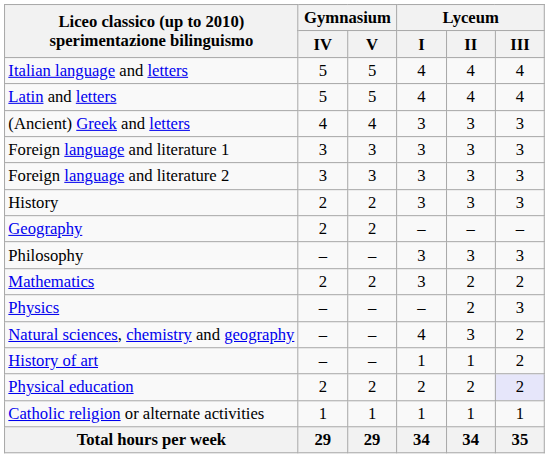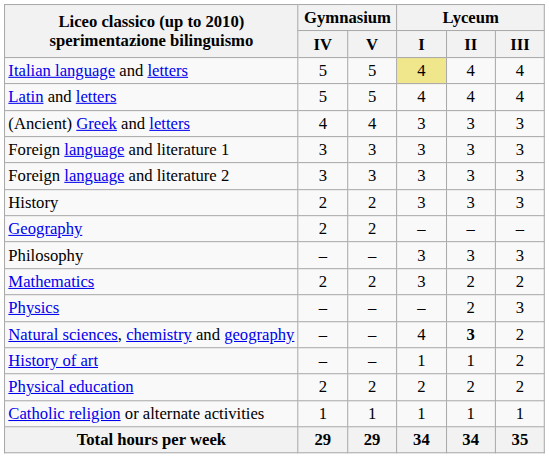 <table class="wikitable">
 <tr>
 <th rowspan="2">Liceo classico (up to 2010)<br>sperimentazione bilinguismo</th>
 <th colspan="2">Gymnasium</th>
 <th colspan="3">Lyceum</th>
 </tr>
 <tr>
 <th width="40">IV</th>
 <th width="40">V</th>
 <th width="40">I</th>
 <th width="40">II</th>
 <th width="40">III</th>
 </tr>
 <tr align="center">
 <td align="left"><a href='#'>Italian language</a> and <a href='#'>letters</a></td>
 <td>5</td>
 <td>5</td>
-<td>4</td>
+<td style="background: khaki;">4</td>
 <td>4</td>
 <td>4</td>
 </tr>
 <tr align="center">
 <td align="left"><a href='#'>Latin</a> and <a href='#'>letters</a></td>
 <td>5</td>
 <td>5</td>
 <td>4</td>
 <td>4</td>
 <td>4</td>
 </tr>
 <tr align="center">
 <td align="left">(Ancient) <a href='#'>Greek</a> and <a href='#'>letters</a></td>
 <td>4</td>
 <td>4</td>
 <td>3</td>
 <td>3</td>
 <td>3</td>
 </tr>
 <tr align="center">
 <td align="left">Foreign <a href='#'>language</a> and literature 1</td>
 <td>3</td>
 <td>3</td>
 <td>3</td>
 <td>3</td>
 <td>3</td>
 </tr>
 <tr align="center">
 <td align="left">Foreign <a href='#'>language</a> and literature 2</td>
 <td>3</td>
 <td>3</td>
 <td>3</td>
 <td>3</td>
 <td>3</td>
 </tr>
 <tr align="center">
 <td align="left">History</td>
 <td>2</td>
 <td>2</td>
 <td>3</td>
 <td>3</td>
 <td>3</td>
 </tr>
 <tr align="center">
 <td align="left"><a href='#'>Geography</a></td>
 <td>2</td>
 <td>2</td>
 <td>–</td>
 <td>–</td>
 <td>–</td>
 </tr>
 <tr align="center">
 <td align="left">Philosophy</td>
 <td>–</td>
 <td>–</td>
 <td>3</td>
 <td>3</td>
 <td>3</td>
 </tr>
 <tr align="center">
 <td align="left"><a href='#'>Mathematics</a></td>
 <td>2</td>
 <td>2</td>
 <td>3</td>
 <td>2</td>
 <td>2</td>
 </tr>
 <tr align="center">
 <td align="left"><a href='#'>Physics</a></td>
 <td>–</td>
 <td>–</td>
 <td>–</td>
 <td>2</td>
 <td>3</td>
 </tr>
 <tr align="center">
 <td align="left"><a href='#'>Natural sciences</a>, <a href='#'>chemistry</a> and <a href='#'>geography</a></td>
 <td>–</td>
 <td>–</td>
 <td>4</td>
-<td>3</td>
+<td><strong>3</strong></td>
 <td>2</td>
 </tr>
 <tr align="center">
 <td align="left"><a href='#'>History of art</a></td>
 <td>–</td>
 <td>–</td>
 <td>1</td>
 <td>1</td>
 <td>2</td>
 </tr>
 <tr align="center">
 <td align="left"><a href='#'>Physical education</a></td>
 <td>2</td>
 <td>2</td>
 <td>2</td>
 <td>2</td>
-<td style="background: lavender;">2</td>
+<td>2</td>
 </tr>
 <tr align="center">
 <td align="left"><a href='#'>Catholic religion</a> or alternate activities</td>
 <td>1</td>
 <td>1</td>
 <td>1</td>
 <td>1</td>
 <td>1</td>
 </tr>
 <tr>
 <th>Total hours per week</th>
 <th>29</th>
 <th>29</th>
 <th>34</th>
 <th>34</th>
 <th>35</th>
 </tr>
 </table>
